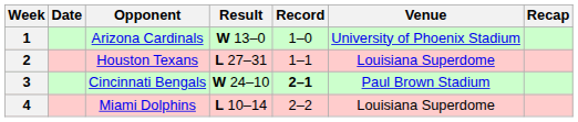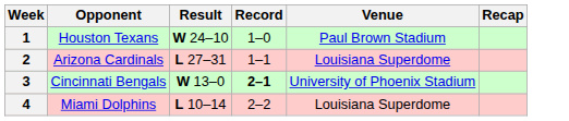 <table class="wikitable" style="text-align:center">
 <tr>
 <th>Week</th>
-<th>Date</th>
 <th>Opponent</th>
 <th>Result</th>
 <th>Record</th>
 <th>Venue</th>
 <th>Recap</th>
 </tr>
 <tr style="background: #cfc;">
 <th>1</th>
-<td></td>
-<td><a href='#'>Arizona Cardinals</a></td>
-<td><strong>W</strong> 13–0</td>
+<td><a href='#'>Houston Texans</a></td>
+<td><strong>W</strong> 24–10</td>
 <td>1–0</td>
-<td><a href='#'>University of Phoenix Stadium</a></td>
+<td><a href='#'>Paul Brown Stadium</a></td>
 <td></td>
 </tr>
 <tr style="background: #fcc;">
 <th>2</th>
-<td></td>
-<td><a href='#'>Houston Texans</a></td>
+<td><a href='#'>Arizona Cardinals</a></td>
 <td><strong>L</strong> 27–31</td>
 <td>1–1</td>
 <td><a href='#'>Louisiana Superdome</a></td>
 <td></td>
 </tr>
 <tr style="background: #cfc;">
 <th>3</th>
-<td></td>
 <td><a href='#'>Cincinnati Bengals</a></td>
-<td><strong>W</strong> 24–10</td>
+<td><strong>W</strong> 13–0</td>
 <td><strong>2–1</strong></td>
-<td><a href='#'>Paul Brown Stadium</a></td>
+<td><a href='#'>University of Phoenix Stadium</a></td>
 <td></td>
 </tr>
 <tr style="background: #fcc;">
 <th>4</th>
-<td></td>
 <td><a href='#'>Miami Dolphins</a></td>
 <td><strong>L</strong> 10–14</td>
 <td>2–2</td>
 <td>Louisiana Superdome</td>
 <td></td>
 </tr>
 </table>
